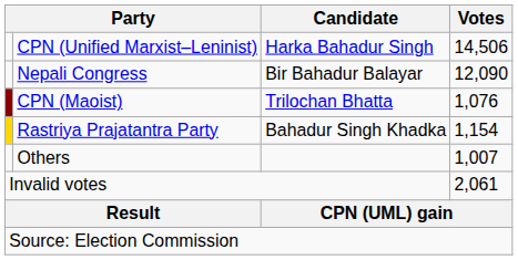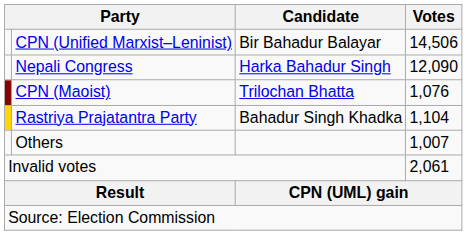 <table class="wikitable">
 <tr>
 <th colspan="2">Party</th>
 <th>Candidate</th>
 <th>Votes</th>
 </tr>
 <tr>
 <td style="background-color:"></td>
 <td><a href='#'>CPN (Unified Marxist–Leninist)</a></td>
-<td><a href='#'>Harka Bahadur Singh</a></td>
+<td>Bir Bahadur Balayar</td>
 <td>14,506</td>
 </tr>
 <tr>
 <td style="background-color:"></td>
 <td><a href='#'>Nepali Congress</a></td>
-<td>Bir Bahadur Balayar</td>
+<td><a href='#'>Harka Bahadur Singh</a></td>
 <td>12,090</td>
 </tr>
 <tr>
 <td style="background-color:darkred"></td>
 <td><a href='#'>CPN (Maoist)</a></td>
 <td><a href='#'>Trilochan Bhatta</a></td>
 <td>1,076</td>
 </tr>
 <tr>
 <td style="background-color:gold"></td>
 <td><a href='#'>Rastriya Prajatantra Party</a></td>
 <td>Bahadur Singh Khadka</td>
-<td>1,154</td>
+<td>1,104</td>
 </tr>
 <tr>
 <td></td>
 <td>Others</td>
 <td></td>
 <td>1,007</td>
 </tr>
 <tr>
 <td colspan="3">Invalid votes</td>
 <td>2,061</td>
 </tr>
 <tr>
 <th colspan="2">Result</th>
 <th colspan="2">CPN (UML) gain</th>
 </tr>
 <tr>
 <td colspan="4">Source: Election Commission</td>
 </tr>
 </table>
